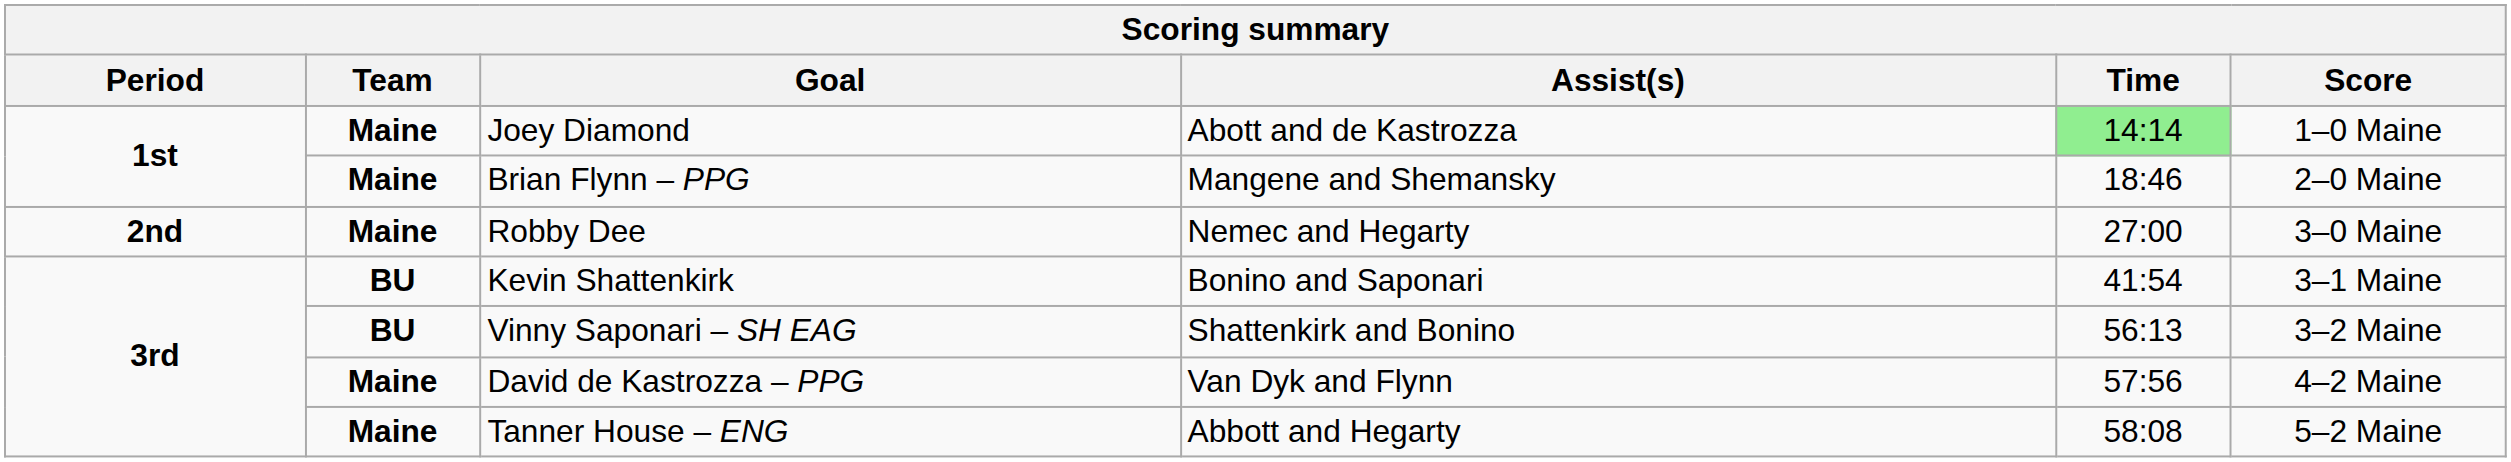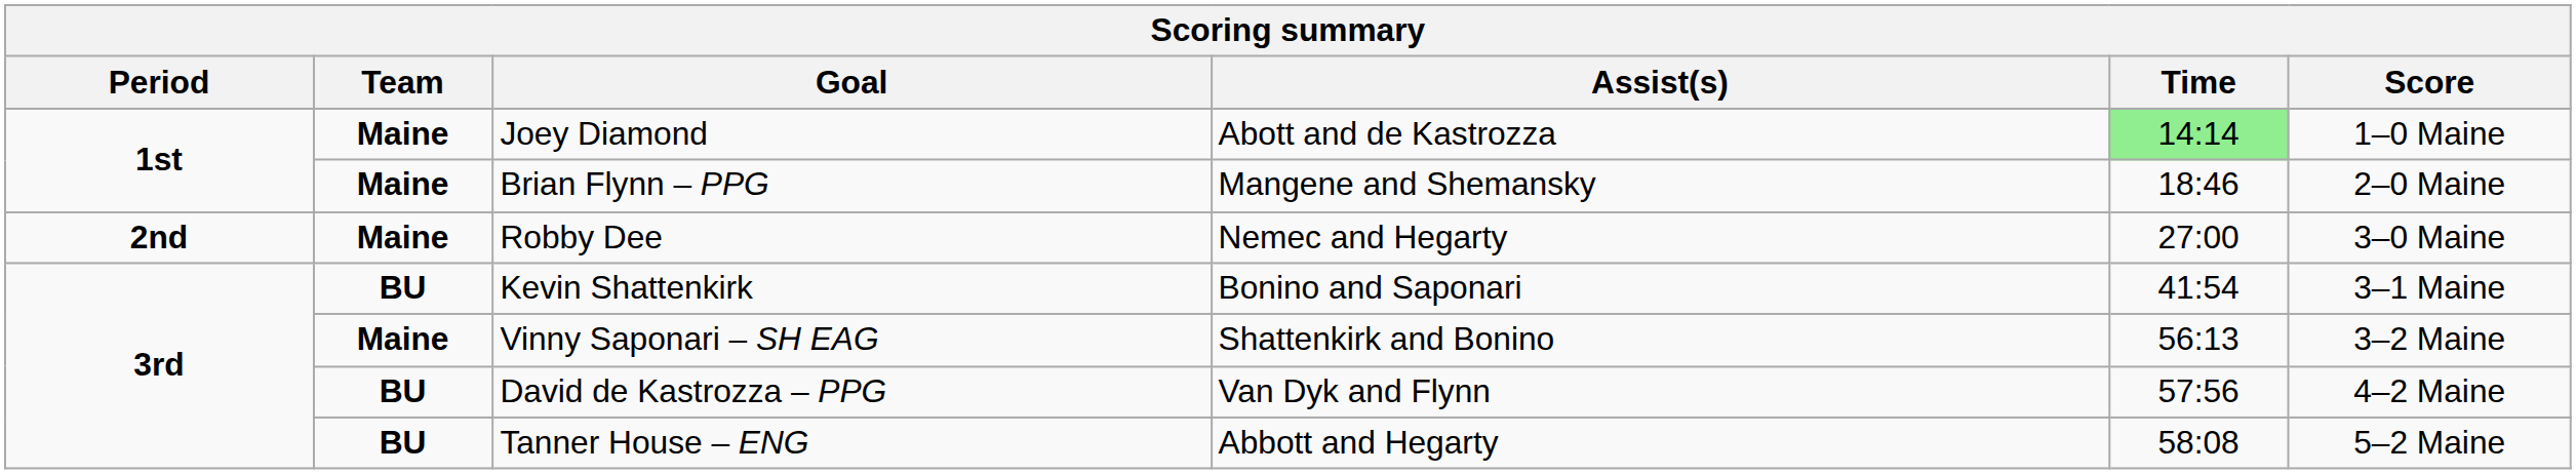 <table style="width:100%;" class="wikitable">
 <tr>
 <th colspan=6>Scoring summary</th>
 </tr>
 <tr>
 <th style="width:12%;">Period</th>
 <th style="width:7%;">Team</th>
 <th style="width:28%;">Goal</th>
 <th style="width:35%;">Assist(s)</th>
 <th style="width:7%;">Time</th>
 <th style="width:11%;">Score</th>
 </tr>
 <tr>
 <td style="text-align:center;" rowspan="2"><strong>1st</strong></td>
 <td align=center><strong>Maine</strong></td>
 <td>Joey Diamond</td>
 <td>Abott and de Kastrozza</td>
 <td align=center style="background: lightgreen;">14:14</td>
 <td align=center>1–0 Maine</td>
 </tr>
 <tr>
 <td align=center><strong>Maine</strong></td>
 <td>Brian Flynn – <em>PPG</em></td>
 <td>Mangene and Shemansky</td>
 <td align=center>18:46</td>
 <td align=center>2–0 Maine</td>
 </tr>
 <tr>
 <td style="text-align:center;" rowspan="1"><strong>2nd</strong></td>
 <td align=center><strong>Maine</strong></td>
 <td>Robby Dee</td>
 <td>Nemec and Hegarty</td>
 <td align=center>27:00</td>
 <td align=center>3–0 Maine</td>
 </tr>
 <tr>
 <td style="text-align:center;" rowspan="4"><strong>3rd</strong></td>
 <td align=center><strong>BU</strong></td>
 <td>Kevin Shattenkirk</td>
 <td>Bonino and Saponari</td>
 <td align=center>41:54</td>
 <td align=center>3–1 Maine</td>
 </tr>
 <tr>
-<td align=center><strong>BU</strong></td>
+<td align=center><strong>Maine</strong></td>
 <td>Vinny Saponari – <em>SH EAG</em></td>
 <td>Shattenkirk and Bonino</td>
 <td align=center>56:13</td>
 <td align=center>3–2 Maine</td>
 </tr>
 <tr>
-<td align=center><strong>Maine</strong></td>
+<td align=center><strong>BU</strong></td>
 <td>David de Kastrozza – <em>PPG</em></td>
 <td>Van Dyk and Flynn</td>
 <td align=center>57:56</td>
 <td align=center>4–2 Maine</td>
 </tr>
 <tr>
-<td align=center><strong>Maine</strong></td>
+<td align=center><strong>BU</strong></td>
 <td>Tanner House – <em>ENG</em></td>
 <td>Abbott and Hegarty</td>
 <td align=center>58:08</td>
 <td align=center>5–2 Maine</td>
 </tr>
 </table>
